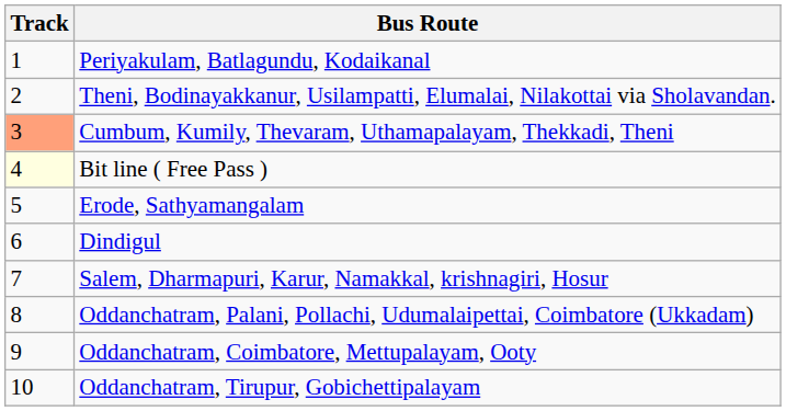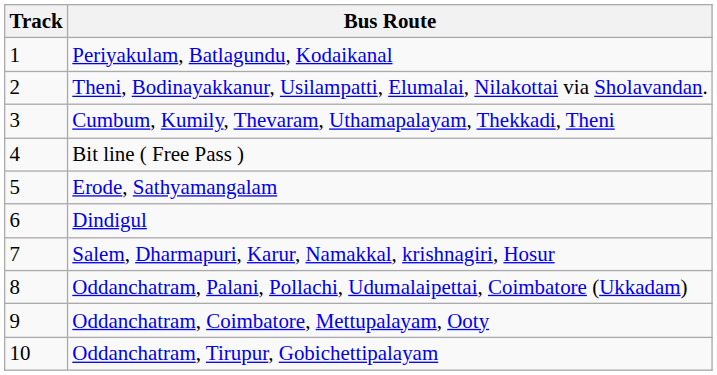 <table class ="wikitable sortable">
 <tr>
 <th>Track</th>
 <th>Bus Route</th>
 </tr>
 <tr>
 <td>1</td>
 <td><a href='#'>Periyakulam</a>, <a href='#'>Batlagundu</a>, <a href='#'>Kodaikanal</a></td>
 </tr>
 <tr>
 <td>2</td>
 <td><a href='#'>Theni</a>, <a href='#'>Bodinayakkanur</a>, <a href='#'>Usilampatti</a>, <a href='#'>Elumalai</a>, <a href='#'>Nilakottai</a> via <a href='#'>Sholavandan</a>.</td>
 </tr>
 <tr>
-<td style="background: lightsalmon;">3</td>
+<td>3</td>
 <td><a href='#'>Cumbum</a>, <a href='#'>Kumily</a>, <a href='#'>Thevaram</a>, <a href='#'>Uthamapalayam</a>, <a href='#'>Thekkadi</a>, <a href='#'>Theni</a></td>
 </tr>
 <tr>
-<td style="background: lightyellow;">4</td>
+<td>4</td>
 <td>Bit line ( Free Pass )</td>
 </tr>
 <tr>
 <td>5</td>
 <td><a href='#'>Erode</a>, <a href='#'>Sathyamangalam</a></td>
 </tr>
 <tr>
 <td>6</td>
 <td><a href='#'>Dindigul</a></td>
 </tr>
 <tr>
 <td>7</td>
 <td><a href='#'>Salem</a>, <a href='#'>Dharmapuri</a>, <a href='#'>Karur</a>, <a href='#'>Namakkal</a>, <a href='#'>krishnagiri</a>, <a href='#'>Hosur</a></td>
 </tr>
 <tr>
 <td>8</td>
 <td><a href='#'>Oddanchatram</a>, <a href='#'>Palani</a>, <a href='#'>Pollachi</a>, <a href='#'>Udumalaipettai</a>, <a href='#'>Coimbatore</a> (<a href='#'>Ukkadam</a>)</td>
 </tr>
 <tr>
 <td>9</td>
 <td><a href='#'>Oddanchatram</a>, <a href='#'>Coimbatore</a>, <a href='#'>Mettupalayam</a>, <a href='#'>Ooty</a></td>
 </tr>
 <tr>
 <td>10</td>
 <td><a href='#'>Oddanchatram</a>, <a href='#'>Tirupur</a>, <a href='#'>Gobichettipalayam</a></td>
 </tr>
 </table>
